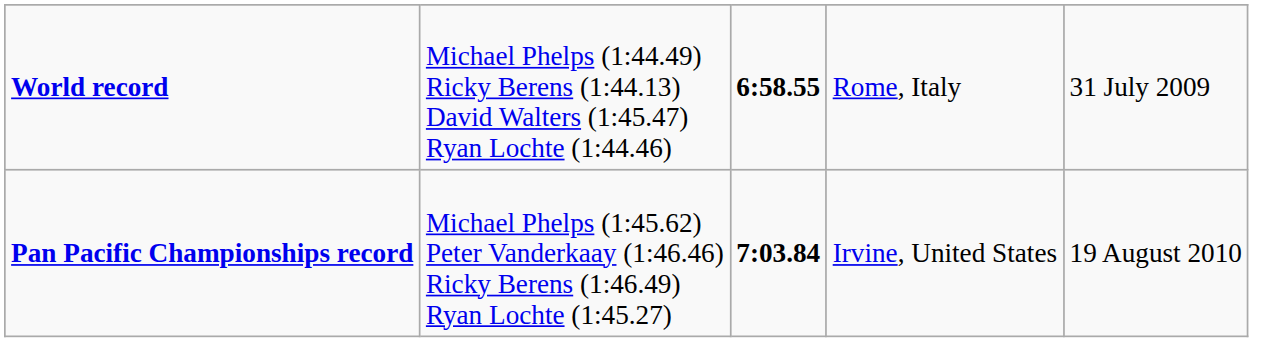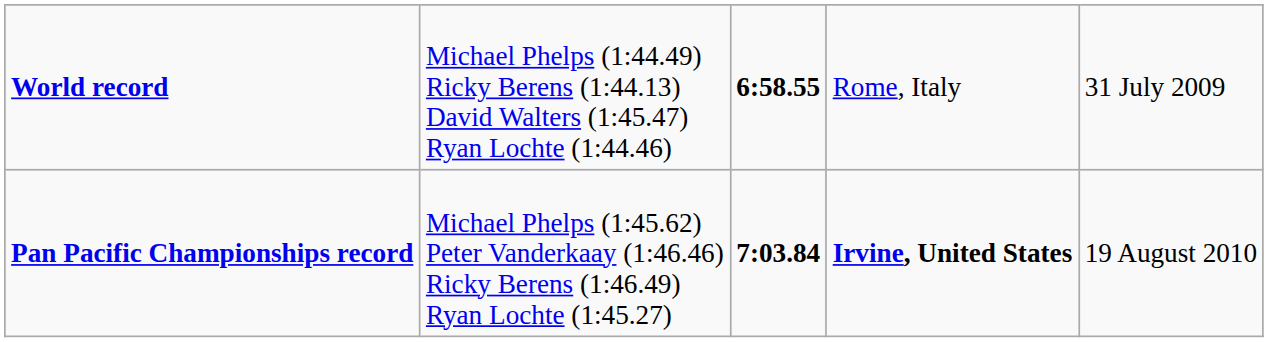 <table class="wikitable">
 <tr>
 <td><strong><a href='#'>World record</a></strong></td>
 <td><br><a href='#'>Michael Phelps</a> (1:44.49)<br><a href='#'>Ricky Berens</a> (1:44.13)<br><a href='#'>David Walters</a> (1:45.47)<br><a href='#'>Ryan Lochte</a> (1:44.46)</td>
 <td><strong>6:58.55</strong></td>
 <td><a href='#'>Rome</a>, Italy</td>
 <td>31 July 2009</td>
 </tr>
 <tr>
 <td><strong><a href='#'>Pan Pacific Championships record</a></strong></td>
 <td><br><a href='#'>Michael Phelps</a> (1:45.62)<br><a href='#'>Peter Vanderkaay</a> (1:46.46)<br><a href='#'>Ricky Berens</a> (1:46.49)<br><a href='#'>Ryan Lochte</a> (1:45.27)</td>
 <td><strong>7:03.84</strong></td>
-<td><a href='#'>Irvine</a>, United States</td>
+<td><strong><a href='#'>Irvine</a>, United States</strong></td>
 <td>19 August 2010</td>
 </tr>
 </table>
